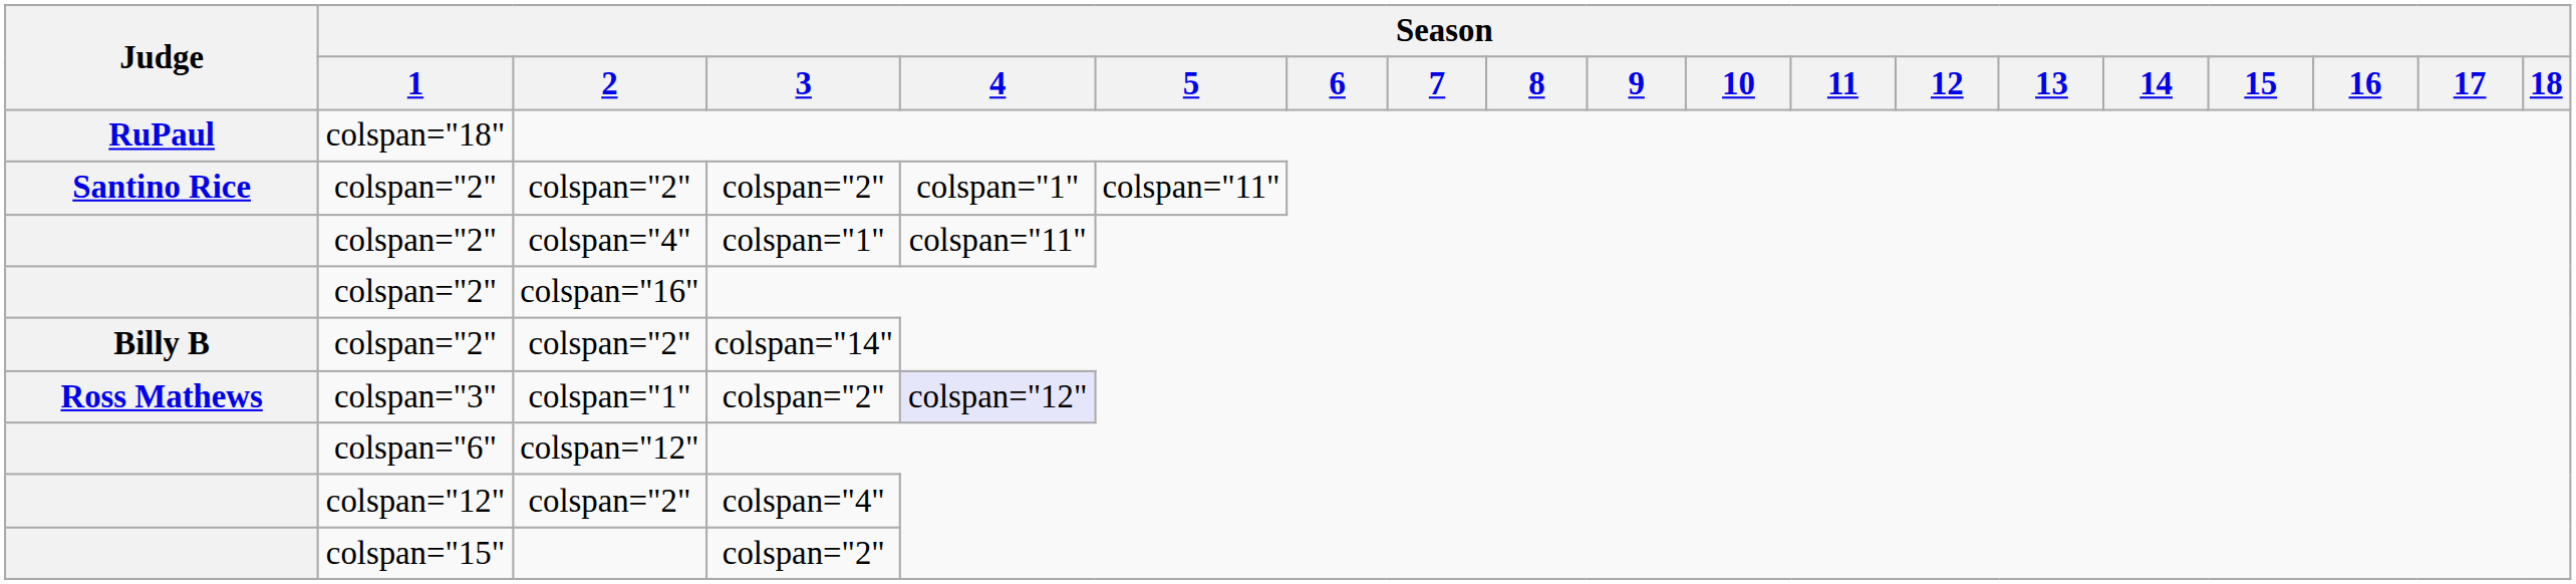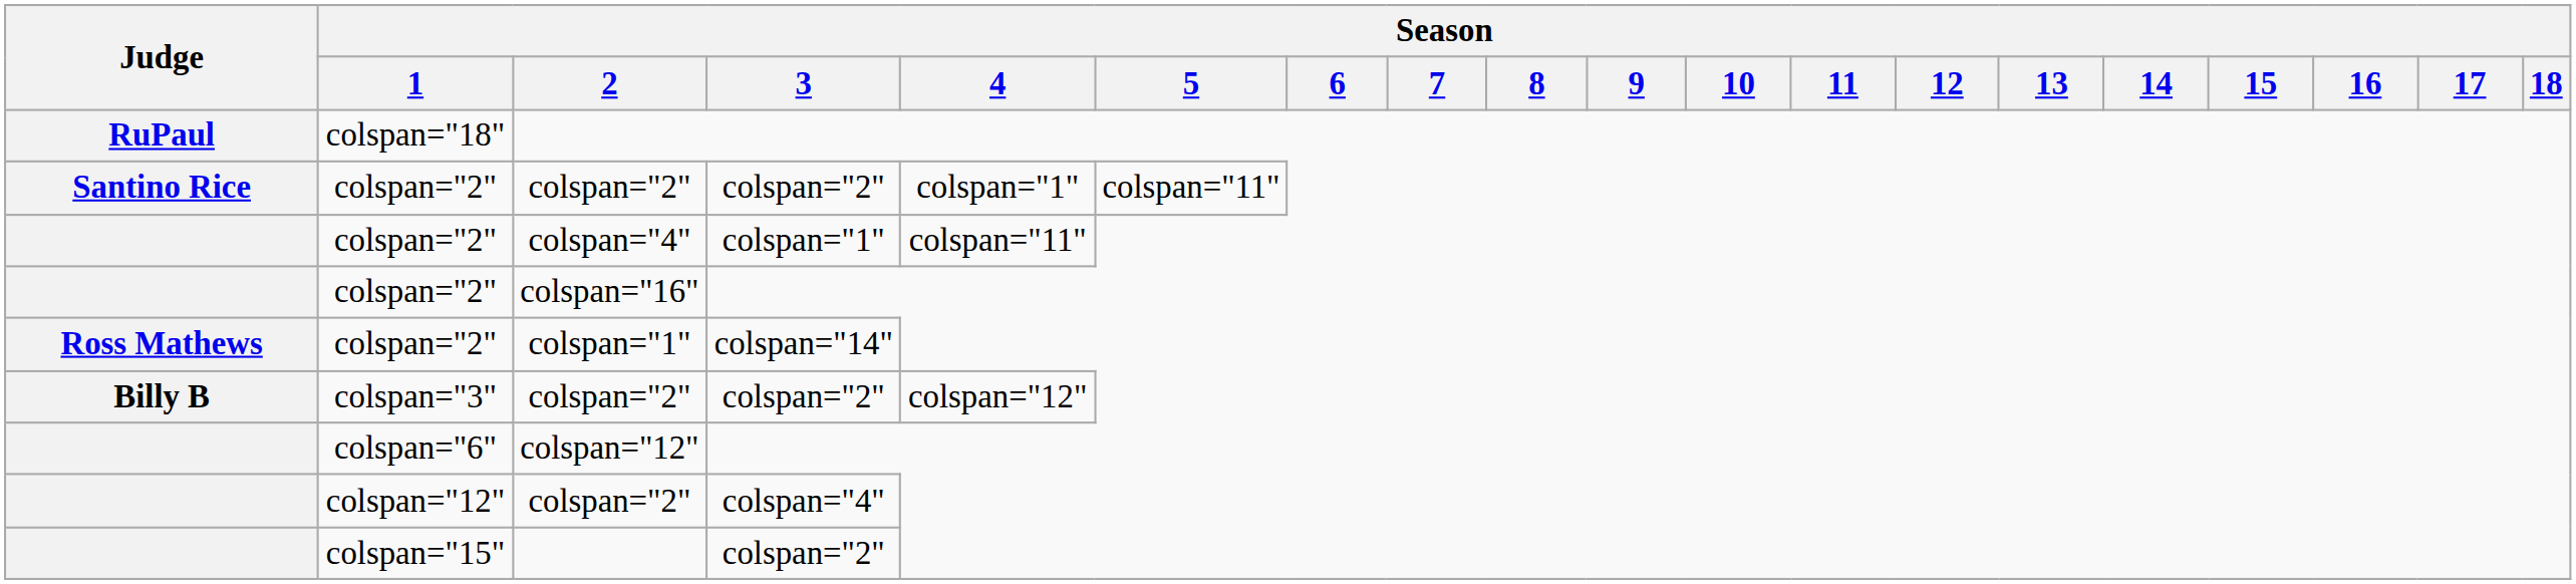 <table class="wikitable plainrowheaders" style="text-align:center">
 <tr>
 <th rowspan="2" style="width:15%;" scope="col">Judge</th>
 <th colspan="18">Season</th>
 </tr>
 <tr>
 <th style="width:5%;" scope="colspan"><a href='#'>1</a></th>
 <th style="width:5%;" scope="colspan"><a href='#'>2</a></th>
 <th style="width:5%;" scope="colspan"><a href='#'>3</a></th>
 <th style="width:5%;" scope="colspan"><a href='#'>4</a></th>
 <th style="width:5%;" scope="colspan"><a href='#'>5</a></th>
 <th style="width:5%;" scope="colspan"><a href='#'>6</a></th>
 <th style="width:5%;" scope="colspan"><a href='#'>7</a></th>
 <th style="width:5%;" scope="colspan"><a href='#'>8</a></th>
 <th style="width:5%;" scope="colspan"><a href='#'>9</a></th>
 <th style="width:5%;" scope="colspan"><a href='#'>10</a></th>
 <th style="width:5%;" scope="colspan"><a href='#'>11</a></th>
 <th style="width:5%;" scope="colspan"><a href='#'>12</a></th>
 <th style="width:5%;" scope="colspan"><a href='#'>13</a></th>
 <th style="width:5%;" scope="colspan"><a href='#'>14</a></th>
 <th style="width:5%;" scope="colspan"><a href='#'>15</a></th>
 <th style="width:5%;" scope="colspan"><a href='#'>16</a></th>
 <th style="width:5%;" scope="colspan"><a href='#'>17</a></th>
 <th style="width:5%;"><a href='#'>18</a></th>
 </tr>
 <tr>
 <th scope="row" style="text-align: center;"><a href='#'>RuPaul</a></th>
 <td>colspan="18" </td>
 </tr>
 <tr>
 <th scope="row" style="text-align: center;"><a href='#'>Santino Rice</a></th>
 <td>colspan="2" </td>
 <td>colspan="2" </td>
 <td>colspan="2" </td>
 <td>colspan="1" </td>
 <td>colspan="11" </td>
 </tr>
 <tr>
 <th scope="row" style="text-align: center;"></th>
 <td>colspan="2" </td>
 <td>colspan="4" </td>
 <td>colspan="1" </td>
 <td>colspan="11" </td>
 </tr>
 <tr>
 <th scope="row" style="text-align: center;"></th>
 <td>colspan="2" </td>
 <td>colspan="16" </td>
 </tr>
 <tr>
-<th scope="row" style="text-align: center;">Billy B</th>
+<th scope="row" style="text-align: center;"><a href='#'>Ross Mathews</a></th>
 <td>colspan="2" </td>
-<td>colspan="2" </td>
+<td>colspan="1" </td>
 <td>colspan="14" </td>
 </tr>
 <tr>
-<th scope="row" style="text-align: center;"><a href='#'>Ross Mathews</a></th>
+<th scope="row" style="text-align: center;">Billy B</th>
 <td>colspan="3" </td>
-<td>colspan="1" </td>
 <td>colspan="2" </td>
-<td style="background: lavender;">colspan="12" </td>
+<td>colspan="2" </td>
+<td>colspan="12" </td>
 </tr>
 <tr>
 <th scope="row" style="text-align: center;"></th>
 <td>colspan="6" </td>
 <td>colspan="12" </td>
 </tr>
 <tr>
 <th scope="row" style="text-align: center;"></th>
 <td>colspan="12" </td>
 <td>colspan="2" </td>
 <td>colspan="4" </td>
 </tr>
 <tr>
 <th scope="row" style="text-align: center;"></th>
 <td>colspan="15" </td>
 <td></td>
 <td>colspan="2" </td>
 </tr>
 </table>
